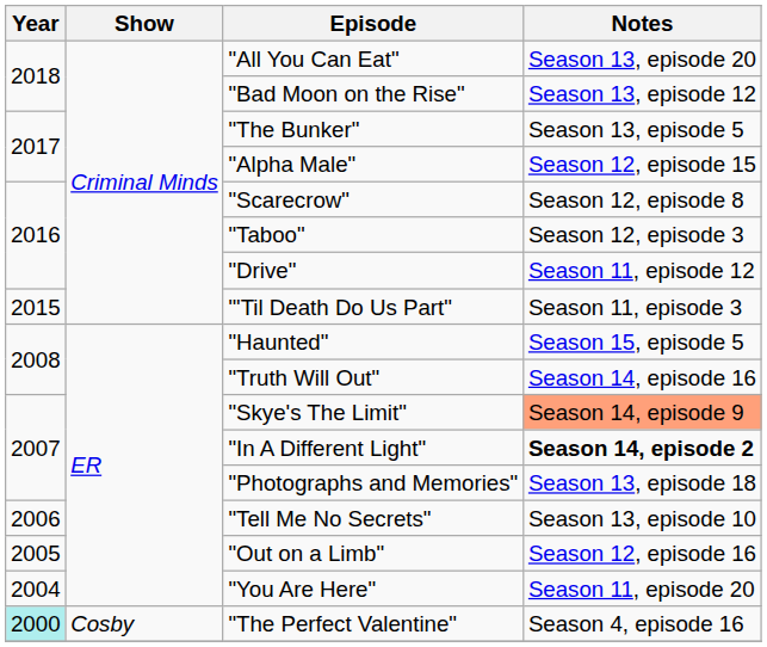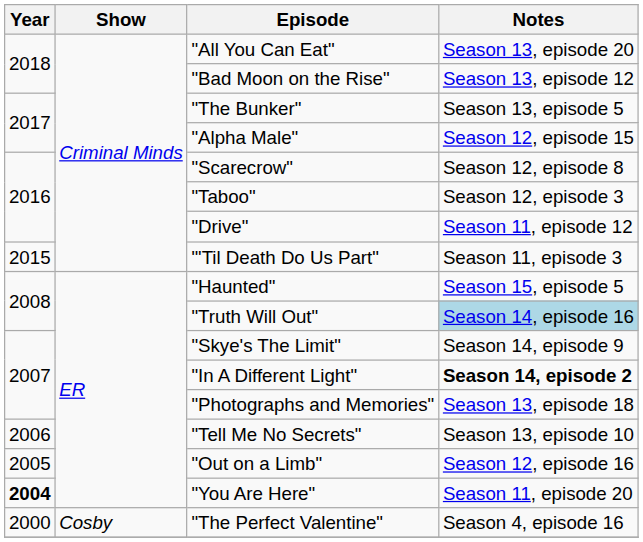 <table class="wikitable" style="font-size: 95%;">
 <tr>
 <th>Year</th>
 <th>Show</th>
 <th>Episode</th>
 <th>Notes</th>
 </tr>
 <tr>
 <td rowspan=2>2018</td>
 <td rowspan=8><em><a href='#'>Criminal Minds</a></em></td>
 <td>"All You Can Eat"</td>
 <td><a href='#'>Season 13</a>, episode 20</td>
 </tr>
 <tr>
 <td>"Bad Moon on the Rise"</td>
 <td><a href='#'>Season 13</a>, episode 12</td>
 </tr>
 <tr>
 <td rowspan=2>2017</td>
 <td>"The Bunker"</td>
 <td>Season 13, episode 5</td>
 </tr>
 <tr>
 <td>"Alpha Male"</td>
 <td><a href='#'>Season 12</a>, episode 15</td>
 </tr>
 <tr>
 <td rowspan=3>2016</td>
 <td>"Scarecrow"</td>
 <td>Season 12, episode 8</td>
 </tr>
 <tr>
 <td>"Taboo"</td>
 <td>Season 12, episode 3</td>
 </tr>
 <tr>
 <td>"Drive"</td>
 <td><a href='#'>Season 11</a>, episode 12</td>
 </tr>
 <tr>
 <td>2015</td>
 <td>"'Til Death Do Us Part"</td>
 <td>Season 11, episode 3</td>
 </tr>
 <tr>
 <td rowspan=2>2008</td>
 <td rowspan=8><em><a href='#'>ER</a></em></td>
 <td>"Haunted"</td>
 <td><a href='#'>Season 15</a>, episode 5</td>
 </tr>
 <tr>
 <td>"Truth Will Out"</td>
-<td><a href='#'>Season 14</a>, episode 16</td>
+<td style="background: lightblue;"><a href='#'>Season 14</a>, episode 16</td>
 </tr>
 <tr>
 <td rowspan=3>2007</td>
 <td>"Skye's The Limit"</td>
-<td style="background: lightsalmon;">Season 14, episode 9</td>
+<td>Season 14, episode 9</td>
 </tr>
 <tr>
 <td>"In A Different Light"</td>
 <td><strong>Season 14, episode 2</strong></td>
 </tr>
 <tr>
 <td>"Photographs and Memories"</td>
 <td><a href='#'>Season 13</a>, episode 18</td>
 </tr>
 <tr>
 <td>2006</td>
 <td>"Tell Me No Secrets"</td>
 <td>Season 13, episode 10</td>
 </tr>
 <tr>
 <td>2005</td>
 <td>"Out on a Limb"</td>
 <td><a href='#'>Season 12</a>, episode 16</td>
 </tr>
 <tr>
-<td>2004</td>
+<td><strong>2004</strong></td>
 <td>"You Are Here"</td>
 <td><a href='#'>Season 11</a>, episode 20</td>
 </tr>
 <tr>
-<td style="background: paleturquoise;">2000</td>
+<td>2000</td>
 <td><em>Cosby</em></td>
 <td>"The Perfect Valentine"</td>
 <td>Season 4, episode 16</td>
 </tr>
 <tr>
 </tr>
 </table>
